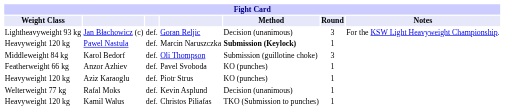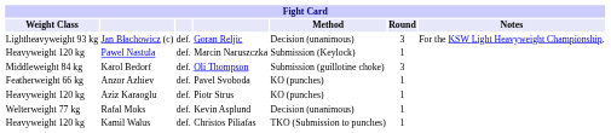 <table class="toccolours" style="font-size: 80%;">
 <tr>
 <th colspan="8" style="background-color: #ccf; color: #000080; text-align: center;"><strong>Fight Card</strong></th>
 </tr>
 <tr>
 <th colspan="1" style="background-color: #E6E8FA; color: #000000; text-align: center;">Weight Class</th>
 <th colspan="1" style="background-color: #E6E8FA; color: #000000; text-align: center;"></th>
 <th colspan="1" style="background-color: #E6E8FA; color: #000000; text-align: center;"></th>
 <th colspan="1" style="background-color: #E6E8FA; color: #000000; text-align: center;"></th>
 <th colspan="1" style="background-color: #E6E8FA; color: #000000; text-align: center;">Method</th>
 <th colspan="1" style="background-color: #E6E8FA; color: #000000; text-align: center;">Round</th>
 <th colspan="1" style="background-color: #E6E8FA; color: #000000; text-align: center;">Notes</th>
 </tr>
 <tr>
 <td>Lightheavyweight 93 kg</td>
 <td> <a href='#'>Jan Błachowicz</a> (c)</td>
 <td align=center>def.</td>
 <td> <a href='#'>Goran Reljic</a></td>
 <td>Decision (unanimous)</td>
 <td align=center>3</td>
 <td>For the <a href='#'>KSW Light Heavyweight Championship</a>.</td>
 </tr>
 <tr>
 <td>Heavyweight 120 kg</td>
 <td> <a href='#'>Pawel Nastula</a></td>
 <td align=center>def.</td>
 <td> Marcin Naruszczka</td>
-<td><strong>Submission (Keylock)</strong></td>
+<td>Submission (Keylock)</td>
 <td align=center>1</td>
 <td></td>
 </tr>
 <tr>
 <td>Middleweight 84 kg</td>
 <td> Karol Bedorf</td>
 <td align=center>def.</td>
 <td> <a href='#'>Oli Thompson</a></td>
 <td>Submission (guillotine choke)</td>
 <td align=center>3</td>
 <td></td>
 </tr>
 <tr>
 <td>Featherweight 66 kg</td>
 <td> Anzor Azhiev</td>
 <td align=center>def.</td>
 <td> Pavel Svoboda</td>
 <td>KO (punches)</td>
 <td align=center>1</td>
 <td></td>
 </tr>
 <tr>
 <td>Heavyweight 120 kg</td>
 <td> Aziz Karaoglu</td>
 <td align=center>def.</td>
 <td> Piotr Strus</td>
 <td>KO (punches)</td>
 <td align=center>1</td>
 <td></td>
 </tr>
 <tr>
 <td>Welterweight 77 kg</td>
 <td> Rafal Moks</td>
 <td align=center>def.</td>
 <td> Kevin Asplund</td>
 <td>Decision (unanimous)</td>
 <td align=center>1</td>
 <td></td>
 </tr>
 <tr>
 <td>Heavyweight 120 kg</td>
 <td> Kamil Walus</td>
 <td align=center>def.</td>
 <td> Christos Piliafas</td>
 <td>TKO (Submission to punches)</td>
 <td align=center>1</td>
 <td></td>
 </tr>
 </table>
